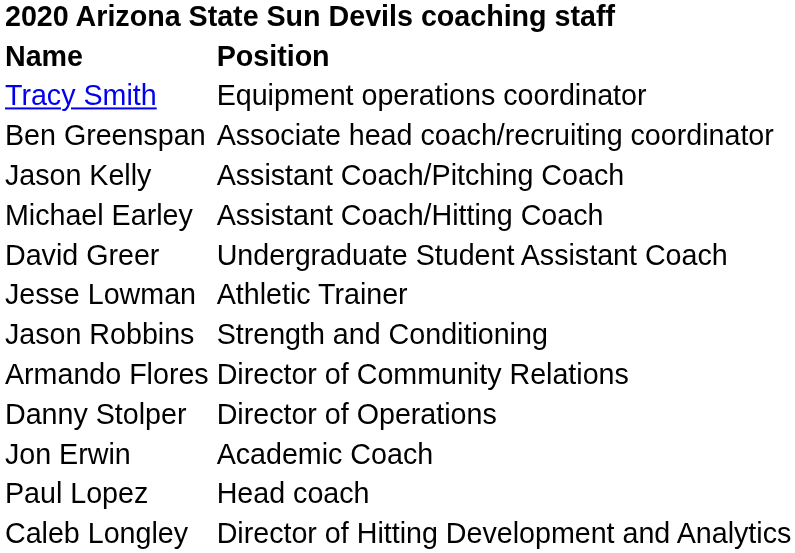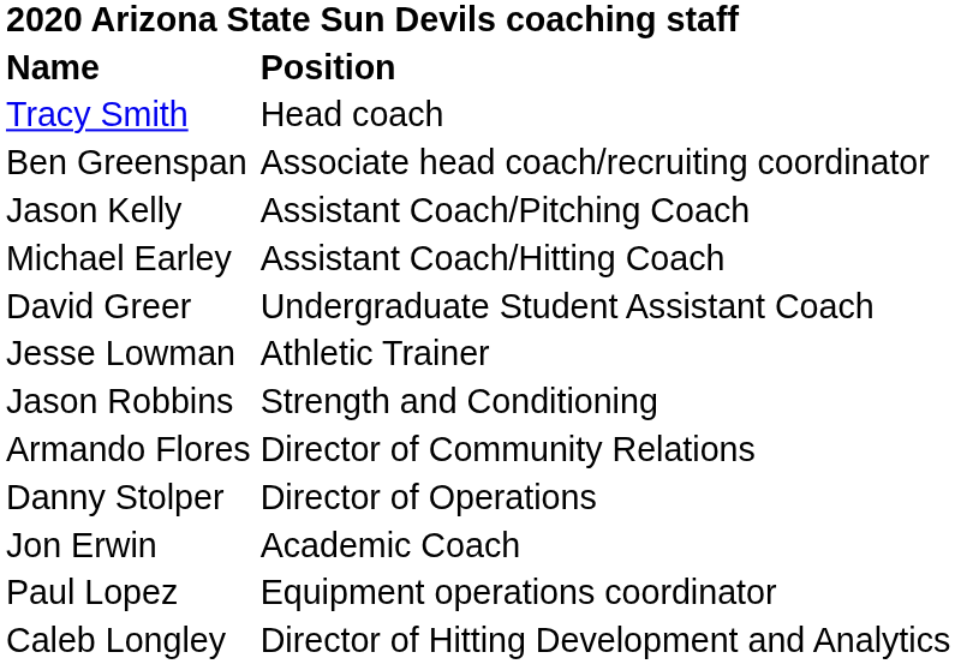 <table class="toccolours" style="text-align: left; font-size:90%;">
 <tr>
 <th colspan="9">2020 Arizona State Sun Devils coaching staff</th>
 </tr>
 <tr>
 <th>Name</th>
 <th>Position</th>
 </tr>
 <tr>
 <td><a href='#'>Tracy Smith</a></td>
-<td>Equipment operations coordinator</td>
+<td>Head coach</td>
 </tr>
 <tr>
 <td>Ben Greenspan</td>
 <td>Associate head coach/recruiting coordinator</td>
 </tr>
 <tr>
 <td>Jason Kelly</td>
 <td>Assistant Coach/Pitching Coach</td>
 </tr>
 <tr>
 <td>Michael Earley</td>
 <td>Assistant Coach/Hitting Coach</td>
 </tr>
 <tr>
 <td>David Greer</td>
 <td>Undergraduate Student Assistant Coach</td>
 </tr>
 <tr>
 <td>Jesse Lowman</td>
 <td>Athletic Trainer</td>
 </tr>
 <tr>
 <td>Jason Robbins</td>
 <td>Strength and Conditioning</td>
 </tr>
 <tr>
 <td>Armando Flores</td>
 <td>Director of Community Relations</td>
 </tr>
 <tr>
 <td>Danny Stolper</td>
 <td>Director of Operations</td>
 </tr>
 <tr>
 <td>Jon Erwin</td>
 <td>Academic Coach</td>
 </tr>
 <tr>
 <td>Paul Lopez</td>
-<td>Head coach</td>
+<td>Equipment operations coordinator</td>
 </tr>
 <tr>
 <td>Caleb Longley</td>
 <td>Director of Hitting Development and Analytics</td>
 </tr>
 </table>
